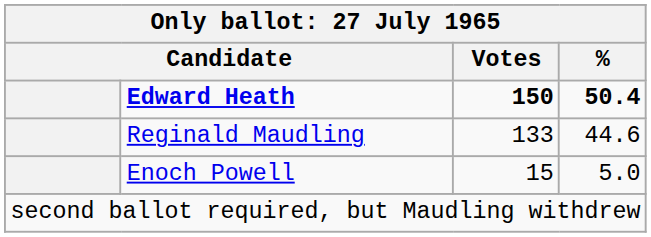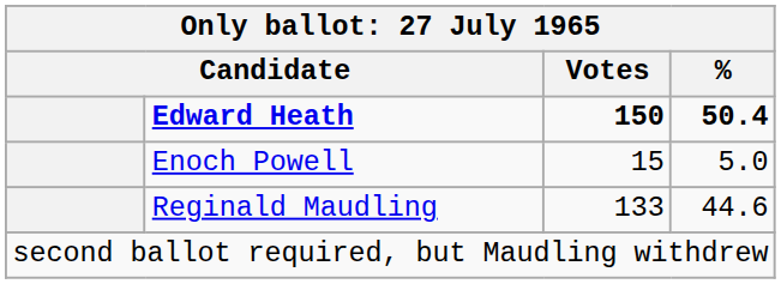 <table class="wikitable" style="font-size:95%;">
 <tr>
 <th colspan="4">Only ballot: 27 July 1965</th>
 </tr>
 <tr>
 <th colspan="2" style="width: 170px">Candidate</th>
 <th style="width: 50px">Votes</th>
 <th style="width: 40px">%</th>
 </tr>
 <tr>
 <th style="background-color: "></th>
 <td style="width: 170px"><strong><a href='#'>Edward Heath</a></strong></td>
 <td style="text-align:right;"><strong>150</strong></td>
 <td style="text-align:right;"><strong>50.4</strong></td>
 </tr>
 <tr>
 <th style="background-color: "></th>
+<td style="width: 170px"><a href='#'>Enoch Powell</a></td>
+<td style="text-align:right;">15</td>
+<td style="text-align:right;">5.0</td>
+</tr>
+<tr>
+<th style="background-color: "></th>
 <td style="width: 170px"><a href='#'>Reginald Maudling</a></td>
 <td style="text-align:right;">133</td>
 <td style="text-align:right;">44.6</td>
 </tr>
 <tr>
-<th style="background-color: "></th>
-<td style="width: 170px"><a href='#'>Enoch Powell</a></td>
-<td style="text-align:right;">15</td>
-<td style="text-align:right;">5.0</td>
-</tr>
-<tr>
 <td colspan="4">second ballot required, but Maudling withdrew</td>
 </tr>
 </table>
